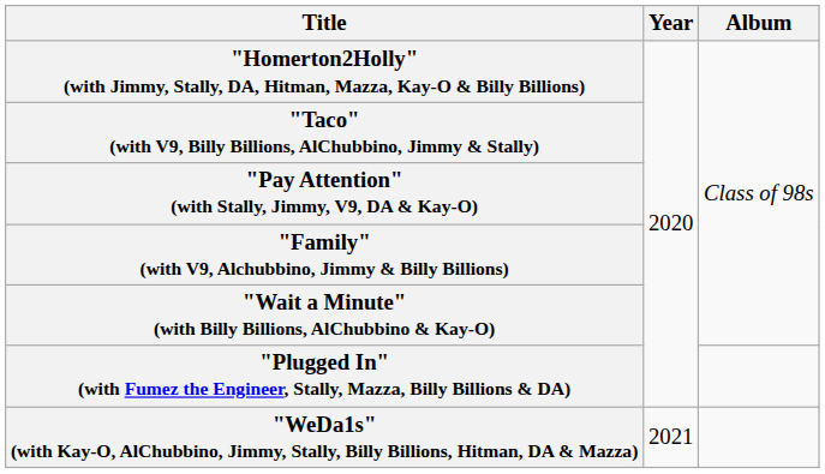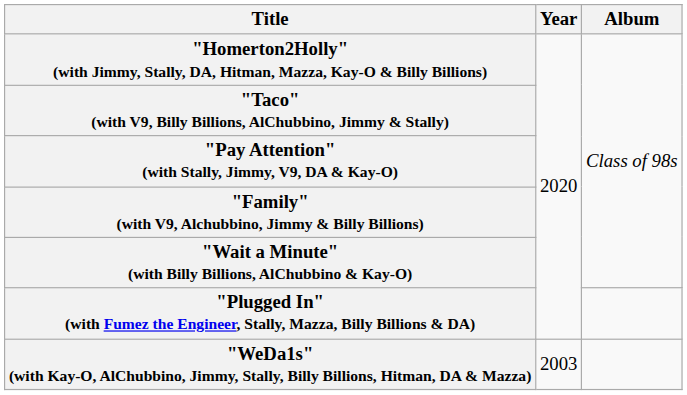 <table class="wikitable plainrowheaders" style="text-align:center;">
 <tr>
 <th scope="col">Title</th>
 <th scope="col">Year</th>
 <th scope="col">Album</th>
 </tr>
 <tr>
 <th scope="row">"Homerton2Holly"<br><small>(with Jimmy, Stally, DA, Hitman, Mazza, Kay-O & Billy Billions)</small></th>
 <td rowspan="6">2020</td>
 <td rowspan="5"><em>Class of 98s</em></td>
 </tr>
 <tr>
 <th scope="row">"Taco"<br><small>(with V9, Billy Billions, AlChubbino, Jimmy & Stally)</small></th>
 </tr>
 <tr>
 <th scope="row">"Pay Attention"<br><small>(with Stally, Jimmy, V9, DA & Kay-O)</small></th>
 </tr>
 <tr>
 <th scope="row">"Family"<br><small>(with V9, Alchubbino, Jimmy & Billy Billions)</small></th>
 </tr>
 <tr>
 <th scope="row">"Wait a Minute"<br><small>(with Billy Billions, AlChubbino & Kay-O)</small></th>
 </tr>
 <tr>
 <th scope="row">"Plugged In"<br><small>(with <a href='#'>Fumez the Engineer</a>, Stally, Mazza, Billy Billions & DA)</small></th>
 <td></td>
 </tr>
 <tr>
 <th scope="row">"WeDa1s"<br><small>(with Kay-O, AlChubbino, Jimmy, Stally, Billy Billions, Hitman, DA & Mazza)</small></th>
-<td>2021</td>
+<td>2003</td>
 <td></td>
 </tr>
 </table>
